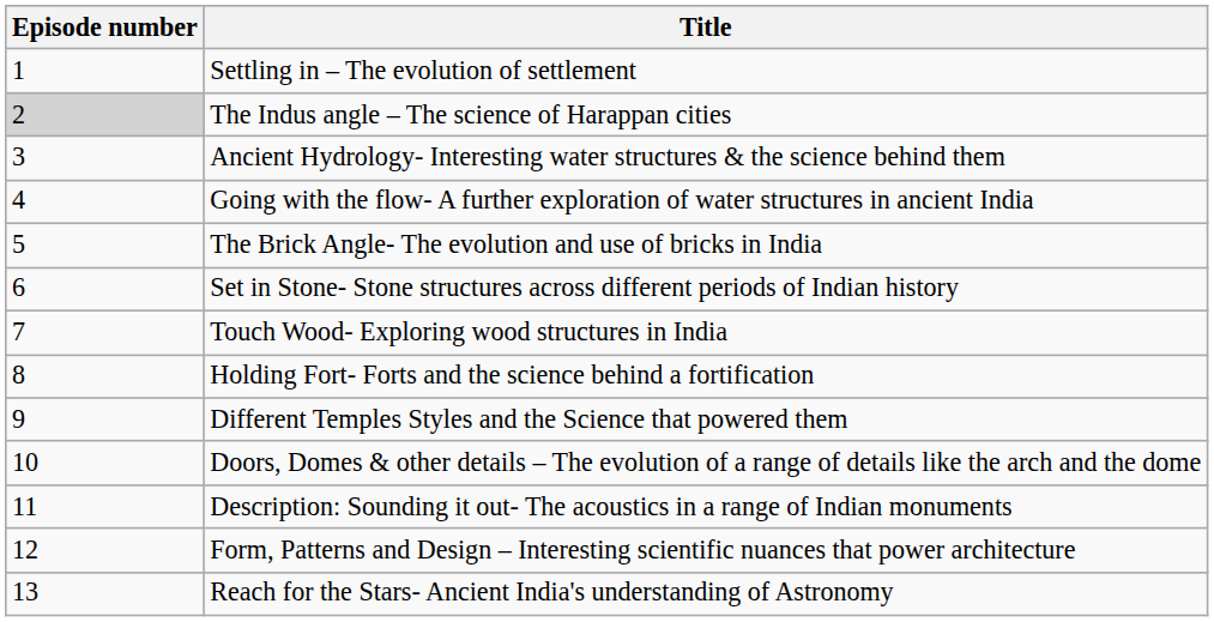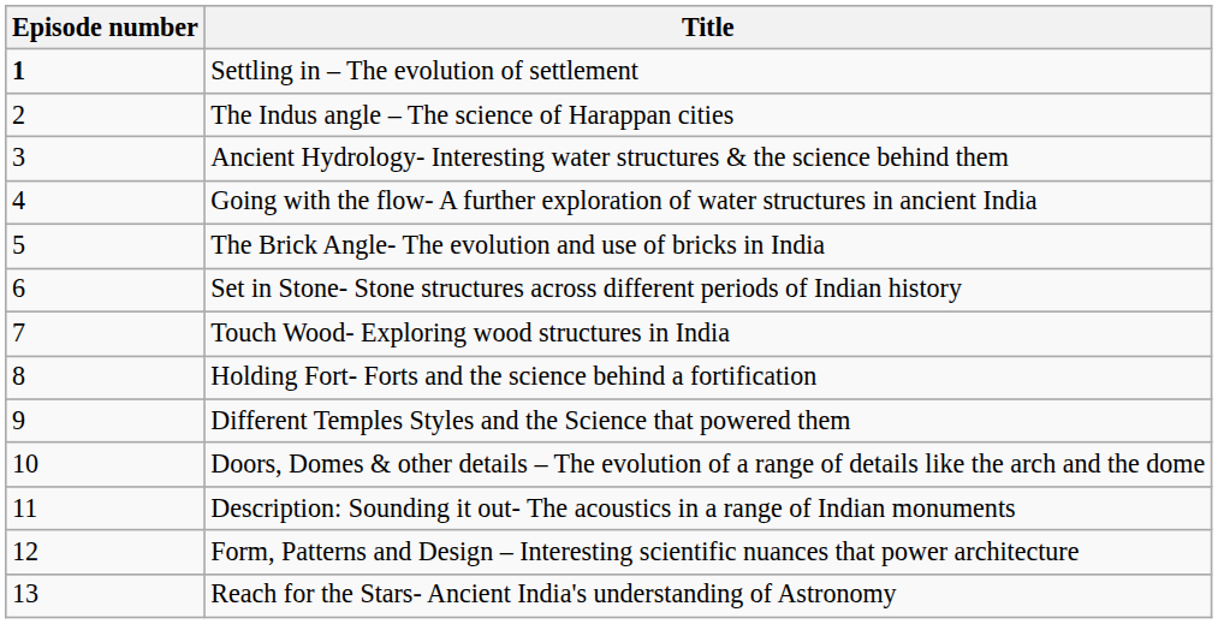 <table class="wikitable sortable" style="font-size: 85%">
 <tr>
 <th>Episode number</th>
 <th>Title</th>
 </tr>
 <tr>
-<td>1</td>
+<td><strong>1</strong></td>
 <td>Settling in – The evolution of settlement</td>
 </tr>
 <tr>
-<td style="background: lightgrey;">2</td>
+<td>2</td>
 <td>The Indus angle – The science of Harappan cities</td>
 </tr>
 <tr>
 <td>3</td>
 <td>Ancient Hydrology- Interesting water structures & the science behind them</td>
 </tr>
 <tr>
 <td>4</td>
 <td>Going with the flow- A further exploration of water structures in ancient India</td>
 </tr>
 <tr>
 <td>5</td>
 <td>The Brick Angle- The evolution and use of bricks in India</td>
 </tr>
 <tr>
 <td>6</td>
 <td>Set in Stone- Stone structures across different periods of Indian history</td>
 </tr>
 <tr>
 <td>7</td>
 <td>Touch Wood- Exploring wood structures in India</td>
 </tr>
 <tr>
 <td>8</td>
 <td>Holding Fort- Forts and the science behind a fortification</td>
 </tr>
 <tr>
 <td>9</td>
 <td>Different Temples Styles and the Science that powered them</td>
 </tr>
 <tr>
 <td>10</td>
 <td>Doors, Domes & other details – The evolution of a range of details like the arch and the dome</td>
 </tr>
 <tr>
 <td>11</td>
 <td>Description: Sounding it out- The acoustics in a range of Indian monuments</td>
 </tr>
 <tr>
 <td>12</td>
 <td>Form, Patterns and Design – Interesting scientific nuances that power architecture</td>
 </tr>
 <tr>
 <td>13</td>
 <td>Reach for the Stars- Ancient India's understanding of Astronomy</td>
 </tr>
 </table>
